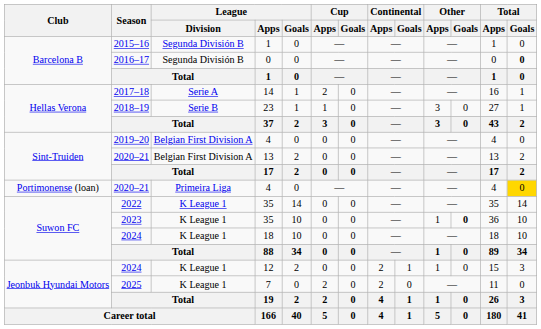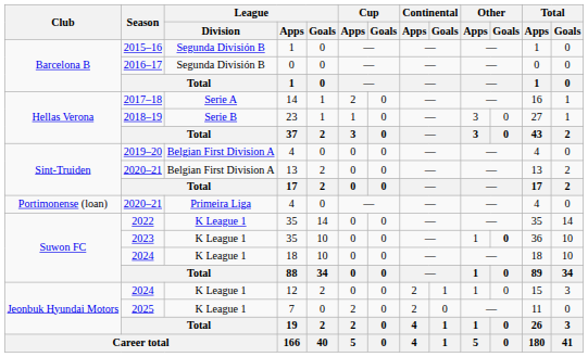 <table class="wikitable" style="text-align: center;">
 <tr>
 <th rowspan="2">Club</th>
 <th rowspan="2">Season</th>
 <th colspan="3">League</th>
 <th colspan="2">Cup</th>
 <th colspan="2">Continental</th>
 <th colspan="2">Other</th>
 <th colspan="2">Total</th>
 </tr>
 <tr>
 <th>Division</th>
 <th>Apps</th>
 <th>Goals</th>
 <th>Apps</th>
 <th>Goals</th>
 <th>Apps</th>
 <th>Goals</th>
 <th>Apps</th>
 <th>Goals</th>
 <th>Apps</th>
 <th>Goals</th>
 </tr>
 <tr>
 <td rowspan="3"><a href='#'>Barcelona B</a></td>
 <td><a href='#'>2015–16</a></td>
 <td><a href='#'>Segunda División B</a></td>
 <td>1</td>
 <td>0</td>
 <td colspan="2">—</td>
 <td colspan="2">—</td>
 <td colspan="2">—</td>
 <td>1</td>
 <td>0</td>
 </tr>
 <tr>
 <td><a href='#'>2016–17</a></td>
 <td>Segunda División B</td>
 <td>0</td>
 <td>0</td>
 <td colspan="2">—</td>
 <td colspan="2">—</td>
 <td colspan="2">—</td>
 <td>0</td>
-<td><strong>0</strong></td>
+<td>0</td>
 </tr>
 <tr>
 <th colspan="2">Total</th>
 <th>1</th>
 <th>0</th>
 <th colspan="2">—</th>
 <th colspan="2">—</th>
 <th colspan="2">—</th>
 <th>1</th>
 <th>0</th>
 </tr>
 <tr>
 <td rowspan="3"><a href='#'>Hellas Verona</a></td>
 <td><a href='#'>2017–18</a></td>
 <td><a href='#'>Serie A</a></td>
 <td>14</td>
 <td>1</td>
 <td>2</td>
 <td>0</td>
 <td colspan=2>—</td>
 <td colspan="2">—</td>
 <td>16</td>
 <td>1</td>
 </tr>
 <tr>
 <td><a href='#'>2018–19</a></td>
 <td><a href='#'>Serie B</a></td>
 <td>23</td>
 <td>1</td>
 <td>1</td>
 <td>0</td>
 <td colspan=2>—</td>
 <td>3</td>
 <td>0</td>
 <td>27</td>
 <td>1</td>
 </tr>
 <tr>
 <th colspan="2">Total</th>
 <th>37</th>
 <th>2</th>
 <th>3</th>
 <th>0</th>
 <th colspan="2">—</th>
 <th>3</th>
 <th>0</th>
 <th>43</th>
 <th>2</th>
 </tr>
 <tr>
 <td rowspan="3"><a href='#'>Sint-Truiden</a></td>
 <td><a href='#'>2019–20</a></td>
 <td><a href='#'>Belgian First Division A</a></td>
 <td>4</td>
 <td>0</td>
 <td>0</td>
 <td>0</td>
 <td colspan="2">—</td>
 <td colspan="2">—</td>
 <td>4</td>
 <td>0</td>
 </tr>
 <tr>
 <td><a href='#'>2020–21</a></td>
 <td>Belgian First Division A</td>
 <td>13</td>
 <td>2</td>
 <td>0</td>
 <td>0</td>
 <td colspan="2">—</td>
 <td colspan="2">—</td>
 <td>13</td>
 <td>2</td>
 </tr>
 <tr>
 <th colspan="2">Total</th>
 <th>17</th>
 <th>2</th>
 <th>0</th>
 <th>0</th>
 <th colspan="2">—</th>
 <th colspan="2">—</th>
 <th>17</th>
 <th>2</th>
 </tr>
 <tr>
 <td><a href='#'>Portimonense</a> (loan)</td>
 <td><a href='#'>2020–21</a></td>
 <td><a href='#'>Primeira Liga</a></td>
 <td>4</td>
 <td>0</td>
 <td colspan="2">—</td>
 <td colspan="2">—</td>
 <td colspan="2">—</td>
 <td>4</td>
-<td style="background: gold;">0</td>
+<td>0</td>
 </tr>
 <tr>
 <td rowspan="4"><a href='#'>Suwon FC</a></td>
 <td><a href='#'>2022</a></td>
 <td><a href='#'>K League 1</a></td>
 <td>35</td>
 <td>14</td>
 <td>0</td>
 <td>0</td>
 <td colspan="2">—</td>
 <td colspan="2">—</td>
 <td>35</td>
 <td>14</td>
 </tr>
 <tr>
 <td><a href='#'>2023</a></td>
 <td>K League 1</td>
 <td>35</td>
 <td>10</td>
 <td>0</td>
 <td>0</td>
 <td colspan="2">—</td>
 <td>1</td>
 <td><strong>0</strong></td>
 <td>36</td>
 <td>10</td>
 </tr>
 <tr>
 <td><a href='#'>2024</a></td>
 <td>K League 1</td>
 <td>18</td>
 <td>10</td>
 <td>0</td>
 <td>0</td>
 <td colspan="2">—</td>
 <td colspan="2">—</td>
 <td>18</td>
 <td>10</td>
 </tr>
 <tr>
 <th colspan="2">Total</th>
 <th>88</th>
 <th>34</th>
 <th>0</th>
 <th>0</th>
 <th colspan="2">—</th>
 <th>1</th>
 <th>0</th>
 <th>89</th>
 <th>34</th>
 </tr>
 <tr>
 <td rowspan="3"><a href='#'>Jeonbuk Hyundai Motors</a></td>
 <td><a href='#'>2024</a></td>
 <td>K League 1</td>
 <td>12</td>
 <td>2</td>
 <td>0</td>
 <td>0</td>
 <td>2</td>
 <td>1</td>
 <td>1</td>
 <td>0</td>
 <td>15</td>
 <td>3</td>
 </tr>
 <tr>
 <td><a href='#'>2025</a></td>
 <td>K League 1</td>
 <td>7</td>
 <td>0</td>
 <td>2</td>
 <td>0</td>
 <td>2</td>
 <td>0</td>
 <td colspan="2">—</td>
 <td>11</td>
 <td>0</td>
 </tr>
 <tr>
 <th colspan="2">Total</th>
 <th>19</th>
 <th>2</th>
 <th>2</th>
 <th>0</th>
 <th>4</th>
 <th>1</th>
 <th>1</th>
 <th>0</th>
 <th>26</th>
 <th>3</th>
 </tr>
 <tr>
 <th colspan="3">Career total</th>
 <th>166</th>
 <th>40</th>
 <th>5</th>
 <th>0</th>
 <th>4</th>
 <th>1</th>
 <th>5</th>
 <th>0</th>
 <th>180</th>
 <th>41</th>
 </tr>
 </table>
